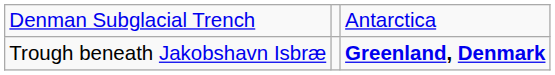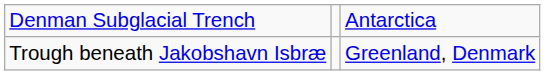 <table class="wikitable">
 <tr>
 <td><a href='#'>Denman Subglacial Trench</a></td>
 <td></td>
 <td><a href='#'>Antarctica</a></td>
 </tr>
 <tr>
 <td>Trough beneath <a href='#'>Jakobshavn Isbræ</a></td>
 <td></td>
-<td><strong><a href='#'>Greenland</a>, <a href='#'>Denmark</a></strong></td>
+<td><a href='#'>Greenland</a>, <a href='#'>Denmark</a></td>
 </tr>
 </table>
